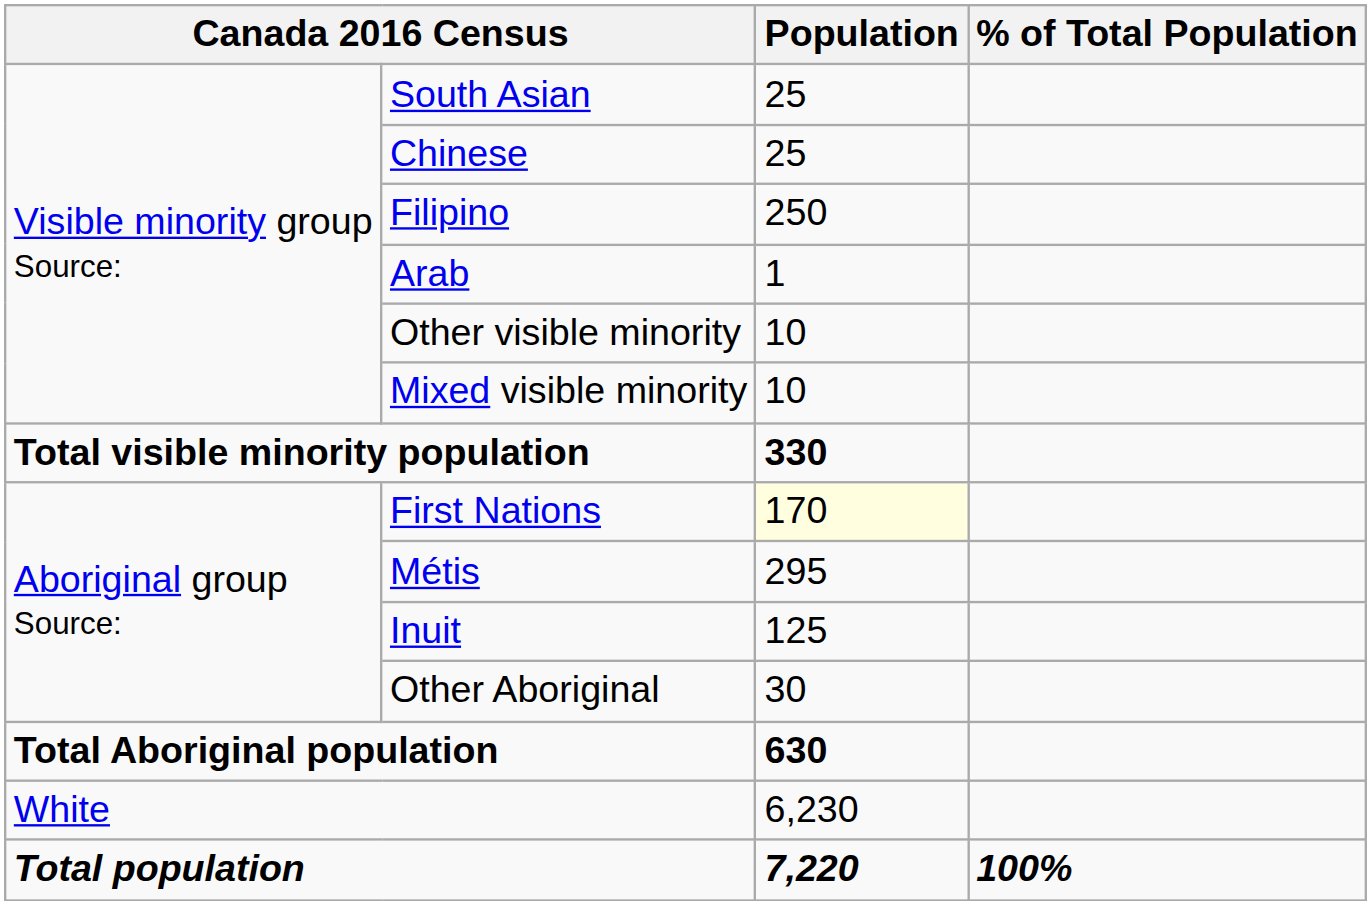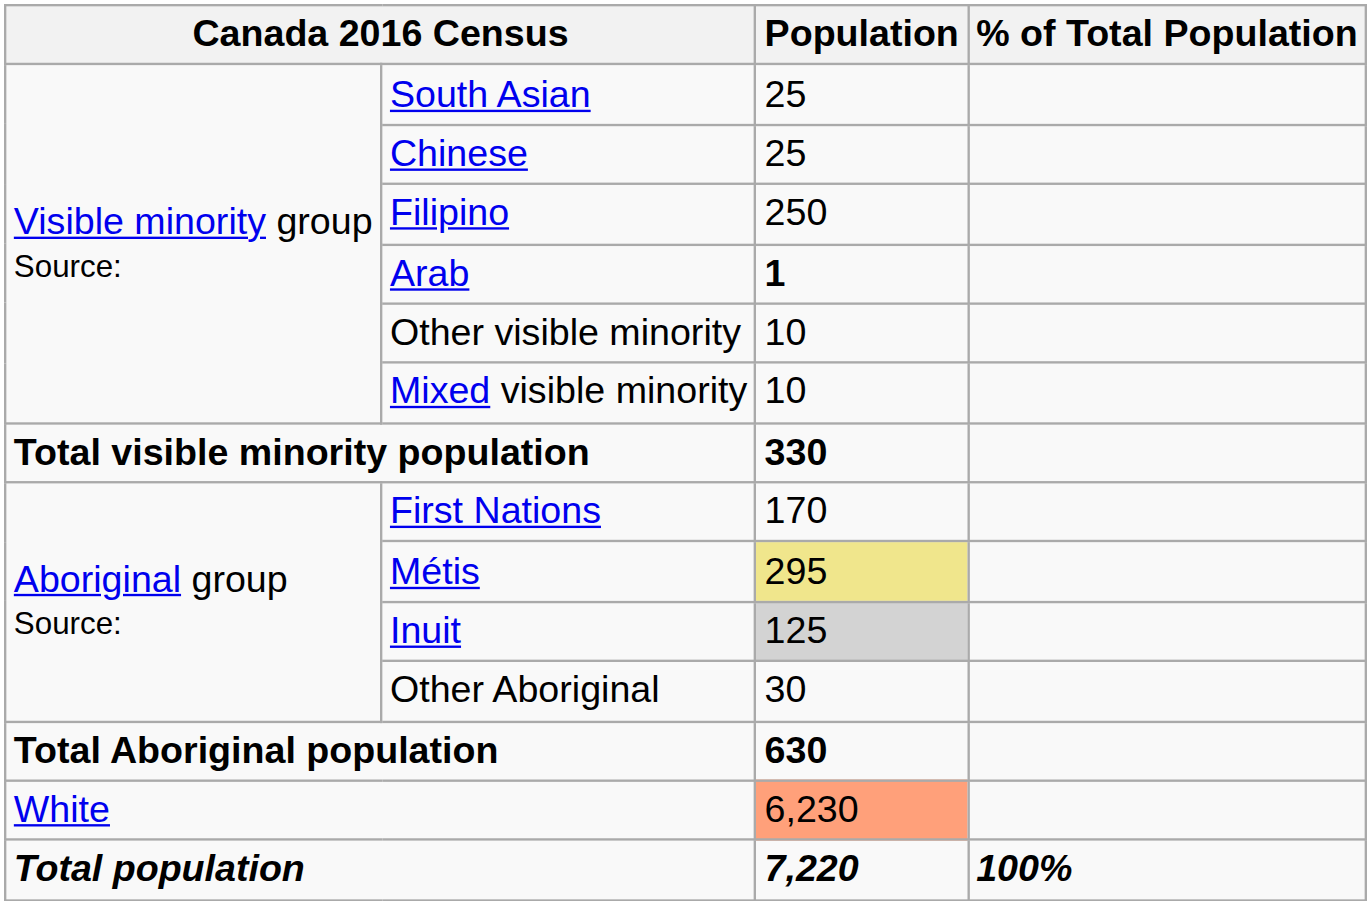 <table class="wikitable">
 <tr>
 <th colspan="2">Canada 2016 Census</th>
 <th>Population</th>
 <th>% of Total Population</th>
 </tr>
 <tr>
 <td rowspan="6"><a href='#'>Visible minority</a> group<br><small>Source:</small></td>
 <td><a href='#'>South Asian</a></td>
 <td>25</td>
 <td></td>
 </tr>
 <tr>
 <td><a href='#'>Chinese</a></td>
 <td>25</td>
 <td></td>
 </tr>
 <tr>
 <td><a href='#'>Filipino</a></td>
 <td>250</td>
 <td></td>
 </tr>
 <tr>
 <td><a href='#'>Arab</a></td>
-<td>1</td>
+<td><strong>1</strong></td>
 <td></td>
 </tr>
 <tr>
 <td>Other visible minority</td>
 <td>10</td>
 <td></td>
 </tr>
 <tr>
 <td><a href='#'>Mixed</a> visible minority</td>
 <td>10</td>
 <td></td>
 </tr>
 <tr>
 <td colspan="2"><strong>Total visible minority population</strong></td>
 <td><strong>330</strong></td>
 <td><strong></strong></td>
 </tr>
 <tr>
 <td rowspan="4"><a href='#'>Aboriginal</a> group<br><small>Source:</small></td>
 <td><a href='#'>First Nations</a></td>
-<td style="background: lightyellow;">170</td>
+<td>170</td>
 <td></td>
 </tr>
 <tr>
 <td><a href='#'>Métis</a></td>
-<td>295</td>
+<td style="background: khaki;">295</td>
 <td></td>
 </tr>
 <tr>
 <td><a href='#'>Inuit</a></td>
-<td>125</td>
+<td style="background: lightgrey;">125</td>
 <td></td>
 </tr>
 <tr>
 <td>Other Aboriginal</td>
 <td>30</td>
 <td></td>
 </tr>
 <tr>
 <td colspan="2"><strong>Total Aboriginal population</strong></td>
 <td><strong>630</strong></td>
 <td><strong></strong></td>
 </tr>
 <tr>
 <td colspan="2"><a href='#'>White</a></td>
-<td>6,230</td>
+<td style="background: lightsalmon;">6,230</td>
 <td></td>
 </tr>
 <tr>
 <td colspan="2"><strong><em>Total population</em></strong></td>
 <td><strong><em>7,220</em></strong></td>
 <td><strong><em>100%</em></strong></td>
 </tr>
 </table>
